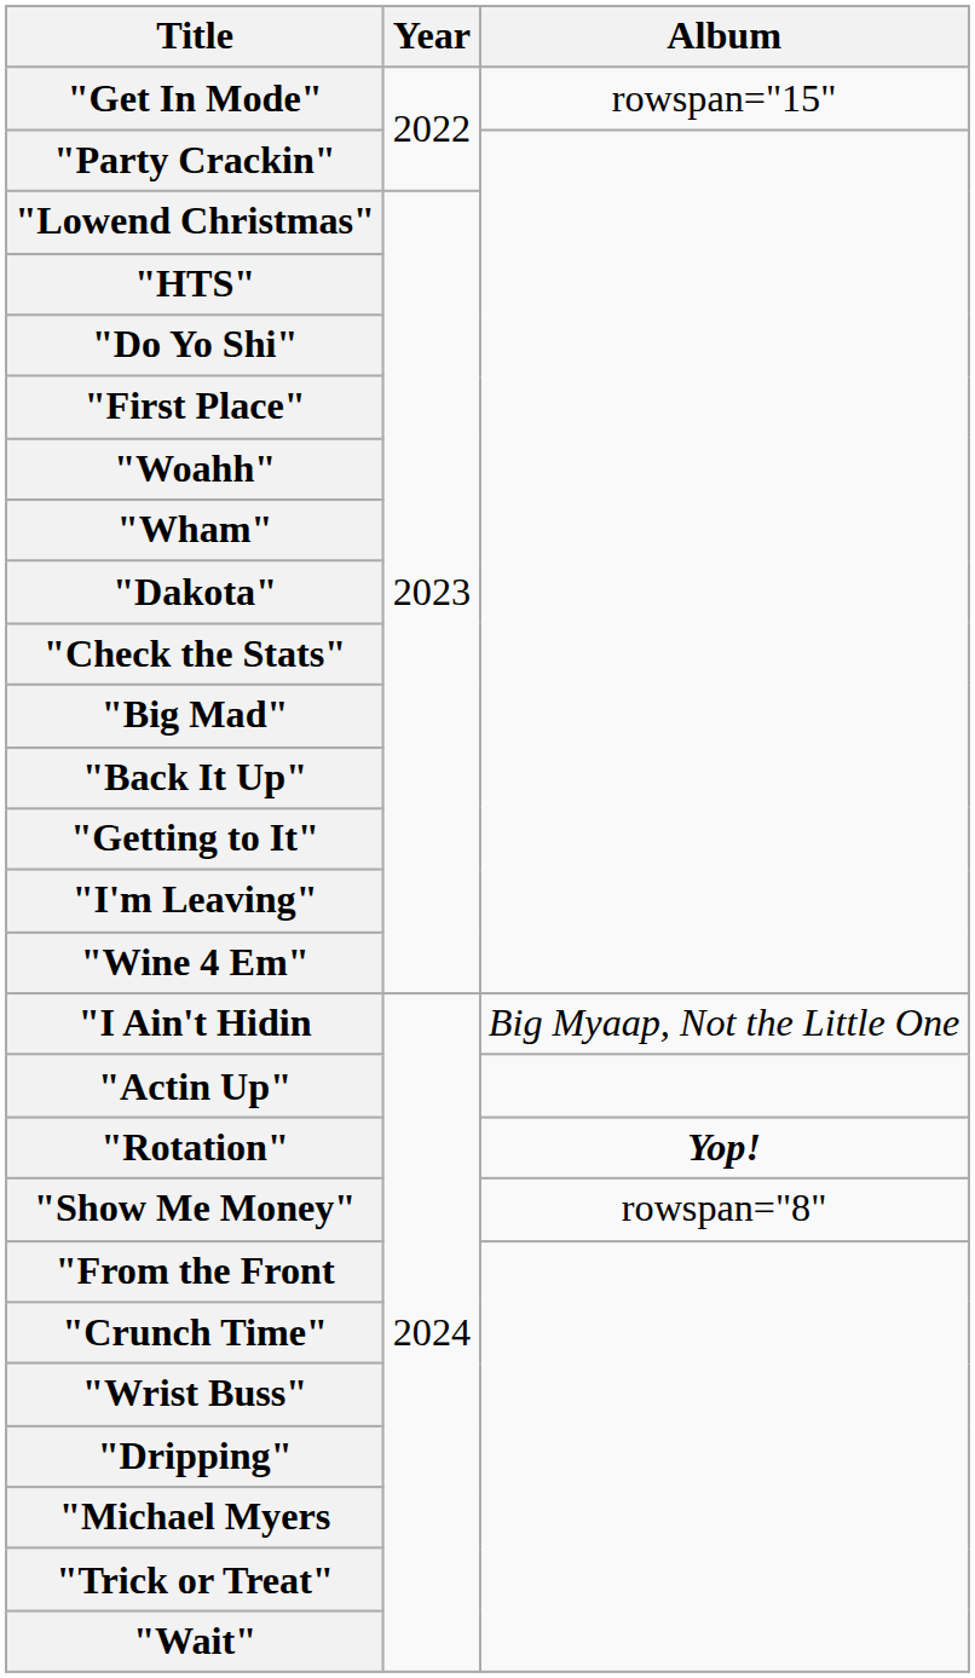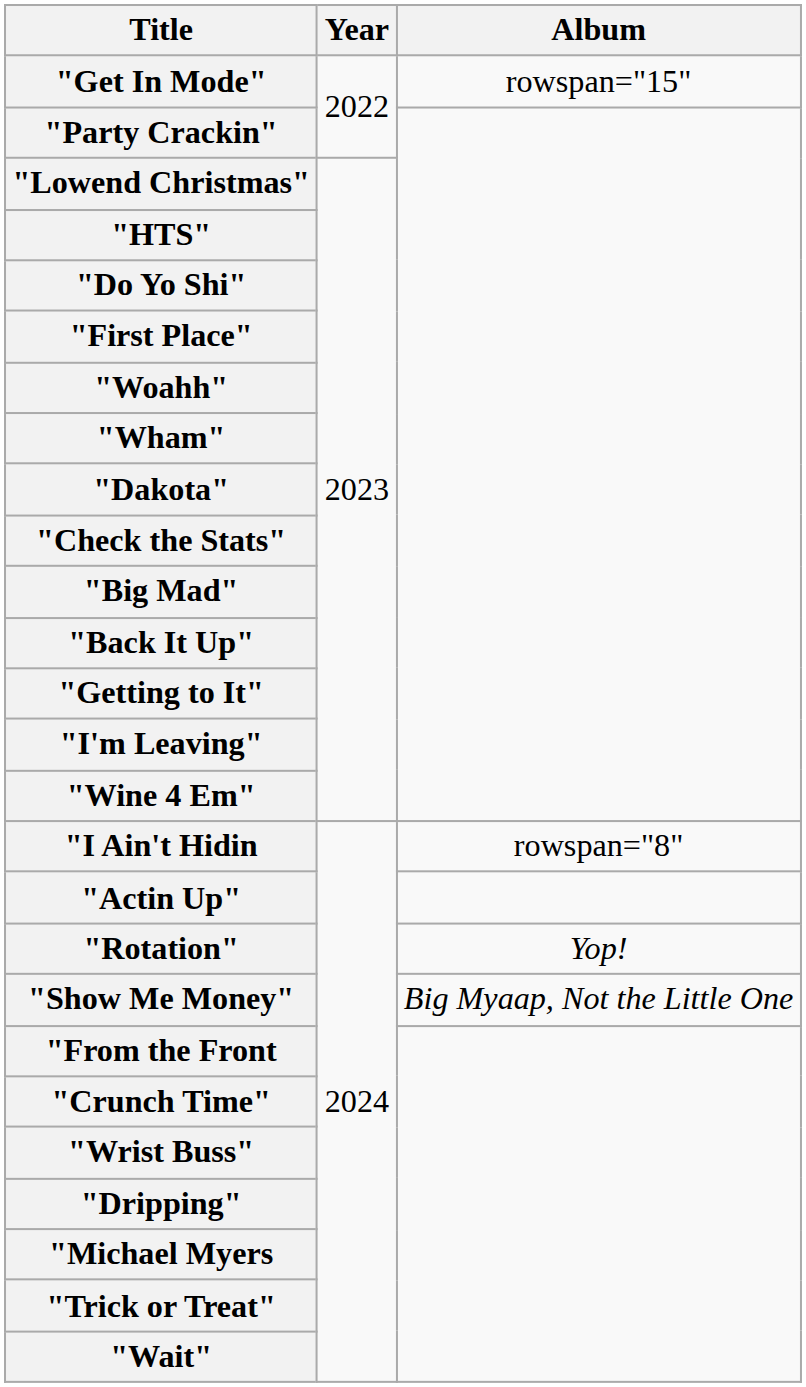 <table class="wikitable plainrowheaders" style="text-align:center;">
 <tr>
 <th scope="col">Title</th>
 <th scope="col">Year</th>
 <th scope="col">Album</th>
 </tr>
 <tr>
 <th scope="row">"Get In Mode"<br></th>
 <td rowspan="2">2022</td>
 <td>rowspan="15" </td>
 </tr>
 <tr>
 <th scope="row">"Party Crackin"<br></th>
 </tr>
 <tr>
 <th scope="row">"Lowend Christmas"</th>
 <td rowspan="13">2023</td>
 </tr>
 <tr>
 <th scope="row">"HTS"</th>
 </tr>
 <tr>
 <th scope="row">"Do Yo Shi"<br></th>
 </tr>
 <tr>
 <th scope="row">"First Place"</th>
 </tr>
 <tr>
 <th scope="row">"Woahh"</th>
 </tr>
 <tr>
 <th scope="row">"Wham"<br></th>
 </tr>
 <tr>
 <th scope="row">"Dakota"</th>
 </tr>
 <tr>
 <th scope="row">"Check the Stats"<br></th>
 </tr>
 <tr>
 <th scope="row">"Big Mad"</th>
 </tr>
 <tr>
 <th scope="row">"Back It Up"<br></th>
 </tr>
 <tr>
 <th scope="row">"Getting to It"</th>
 </tr>
 <tr>
 <th scope="row">"I'm Leaving"</th>
 </tr>
 <tr>
 <th scope="row">"Wine 4 Em"</th>
 </tr>
 <tr>
 <th scope="row">"I Ain't Hidin<br></th>
 <td rowspan="11">2024</td>
-<td><em>Big Myaap, Not the Little One</em></td>
+<td>rowspan="8" </td>
 </tr>
 <tr>
 <th scope="row">"Actin Up"<br></th>
 <td></td>
 </tr>
 <tr>
 <th scope="row">"Rotation"<br></th>
-<td><strong><em>Yop!</em></strong></td>
+<td><em>Yop!</em></td>
 </tr>
 <tr>
 <th scope="row">"Show Me Money"</th>
-<td>rowspan="8" </td>
+<td><em>Big Myaap, Not the Little One</em></td>
 </tr>
 <tr>
 <th scope="row">"From the Front</th>
 </tr>
 <tr>
 <th scope="row">"Crunch Time"</th>
 </tr>
 <tr>
 <th scope="row">"Wrist Buss"</th>
 </tr>
 <tr>
 <th scope="row">"Dripping"<br></th>
 </tr>
 <tr>
 <th scope="row">"Michael Myers</th>
 </tr>
 <tr>
 <th scope="row">"Trick or Treat"</th>
 </tr>
 <tr>
 <th scope="row">"Wait"</th>
 </tr>
 </table>
